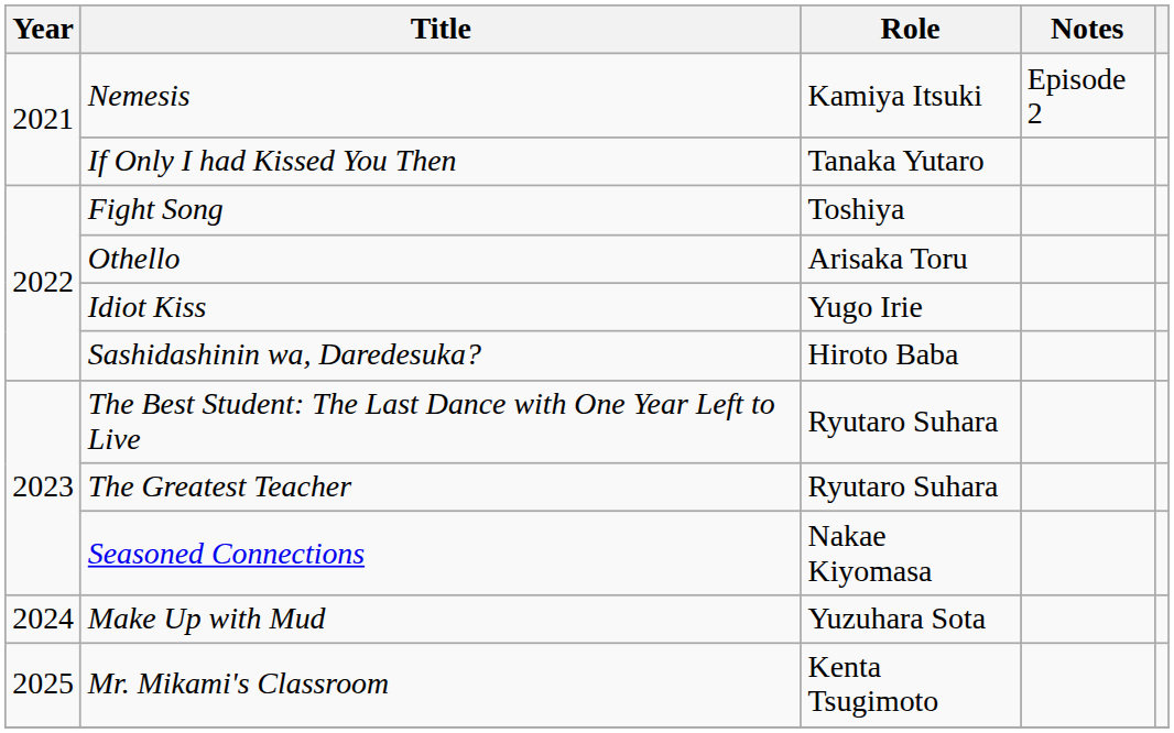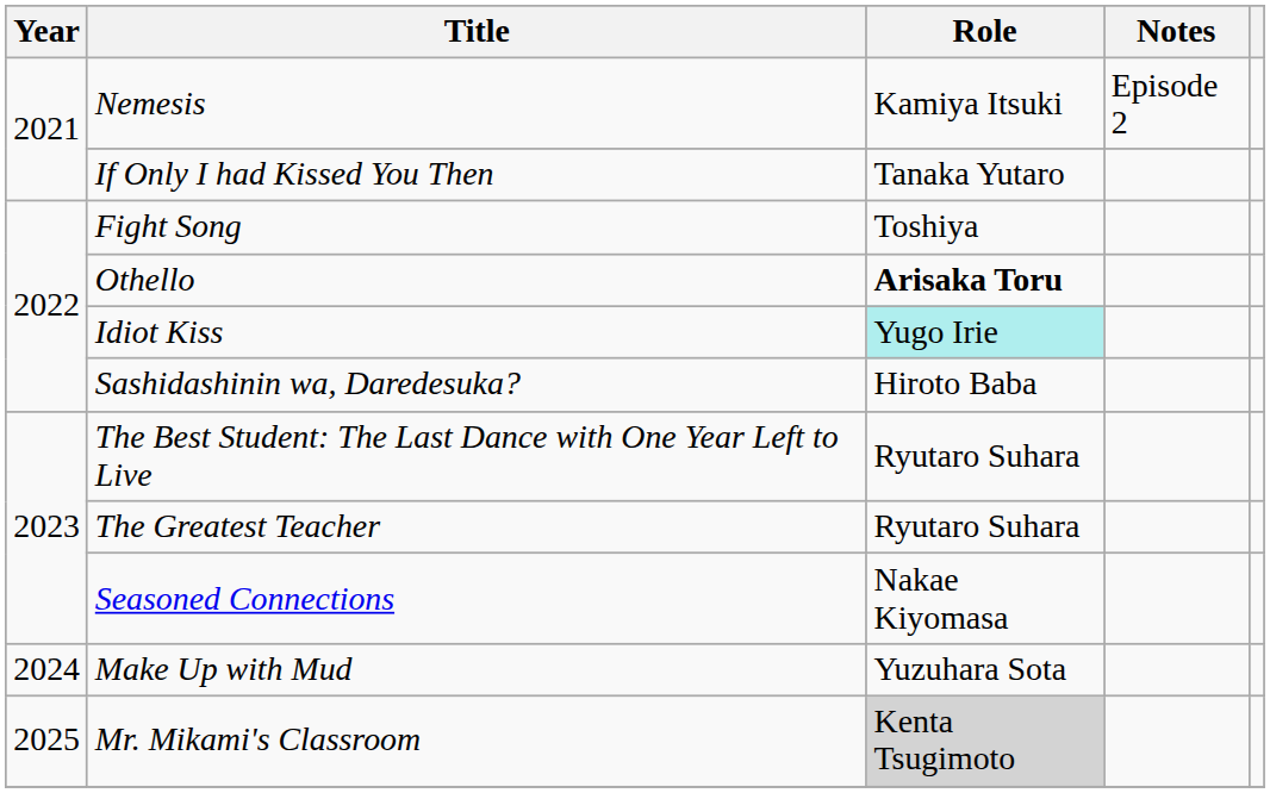 <table class="wikitable sortable plainrowheaders">
 <tr>
 <th scope="col">Year</th>
 <th scope="col">Title</th>
 <th scope="col">Role</th>
 <th class="unsortable" scope="col">Notes</th>
 <th class="unsortable" scope="col"></th>
 </tr>
 <tr>
 <td rowspan=2>2021</td>
 <td><em>Nemesis</em></td>
 <td>Kamiya Itsuki</td>
 <td>Episode 2</td>
 <td></td>
 </tr>
 <tr>
 <td><em>If Only I had Kissed You Then</em></td>
 <td>Tanaka Yutaro</td>
 <td></td>
 <td></td>
 </tr>
 <tr>
 <td rowspan=4>2022</td>
 <td><em>Fight Song</em></td>
 <td>Toshiya</td>
 <td></td>
 <td></td>
 </tr>
 <tr>
 <td><em>Othello</em></td>
-<td>Arisaka Toru</td>
+<td><strong>Arisaka Toru</strong></td>
 <td></td>
 <td></td>
 </tr>
 <tr>
 <td><em>Idiot Kiss</em></td>
-<td>Yugo Irie</td>
+<td style="background: paleturquoise;">Yugo Irie</td>
 <td></td>
 <td></td>
 </tr>
 <tr>
 <td><em>Sashidashinin wa, Daredesuka?</em></td>
 <td>Hiroto Baba</td>
 <td></td>
 <td></td>
 </tr>
 <tr>
 <td rowspan=3>2023</td>
 <td><em>The Best Student: The Last Dance with One Year Left to Live</em></td>
 <td>Ryutaro Suhara</td>
 <td></td>
 <td></td>
 </tr>
 <tr>
 <td><em>The Greatest Teacher</em></td>
 <td>Ryutaro Suhara</td>
 <td></td>
 <td></td>
 </tr>
 <tr>
 <td><em><a href='#'>Seasoned Connections</a></em></td>
 <td>Nakae Kiyomasa</td>
 <td></td>
 <td></td>
 </tr>
 <tr>
 <td>2024</td>
 <td><em>Make Up with Mud</em></td>
 <td>Yuzuhara Sota</td>
 <td></td>
 <td></td>
 </tr>
 <tr>
 <td>2025</td>
 <td><em>Mr. Mikami's Classroom</em></td>
-<td>Kenta Tsugimoto</td>
+<td style="background: lightgrey;">Kenta Tsugimoto</td>
 <td></td>
 <td></td>
 </tr>
 <tr>
 </tr>
 </table>
